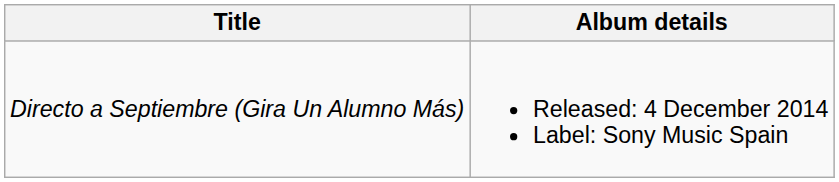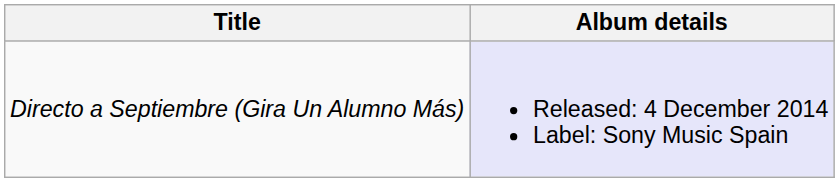 <table class="wikitable">
 <tr>
 <th>Title</th>
 <th>Album details</th>
 </tr>
 <tr>
 <td><em>Directo a Septiembre (Gira Un Alumno Más)</em></td>
-<td><br><ul><li>Released: 4 December 2014</li><li>Label: Sony Music Spain</li></ul></td>
+<td style="background: lavender;"><br><ul><li>Released: 4 December 2014</li><li>Label: Sony Music Spain</li></ul></td>
 </tr>
 </table>
